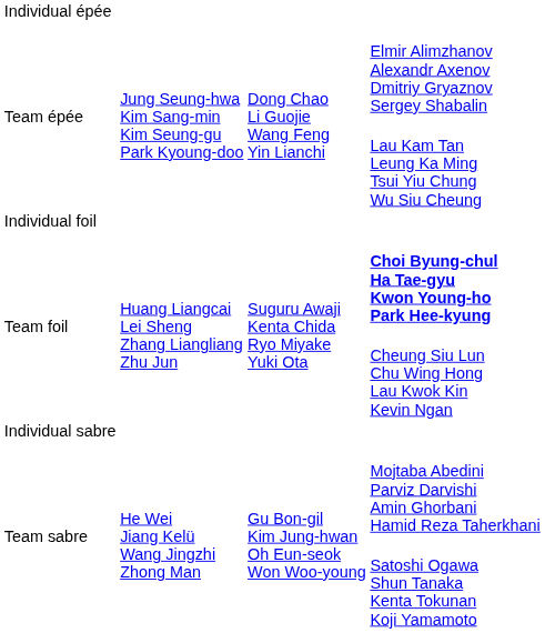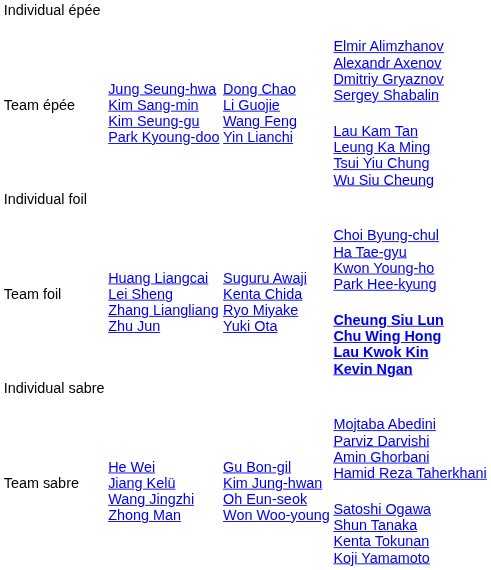 <table>
 <tr>
 <td rowspan=2>Individual épée</td>
 <td rowspan=2></td>
 <td rowspan=2></td>
 <td></td>
 </tr>
 <tr>
 <td></td>
 </tr>
 <tr>
 <td rowspan=2>Team épée</td>
 <td rowspan=2><br><a href='#'>Jung Seung-hwa</a><br><a href='#'>Kim Sang-min</a><br><a href='#'>Kim Seung-gu</a><br><a href='#'>Park Kyoung-doo</a></td>
 <td rowspan=2><br><a href='#'>Dong Chao</a><br><a href='#'>Li Guojie</a><br><a href='#'>Wang Feng</a><br><a href='#'>Yin Lianchi</a></td>
 <td><br><a href='#'>Elmir Alimzhanov</a><br><a href='#'>Alexandr Axenov</a><br><a href='#'>Dmitriy Gryaznov</a><br><a href='#'>Sergey Shabalin</a></td>
 </tr>
 <tr>
 <td><br><a href='#'>Lau Kam Tan</a><br><a href='#'>Leung Ka Ming</a><br><a href='#'>Tsui Yiu Chung</a><br><a href='#'>Wu Siu Cheung</a></td>
 </tr>
 <tr>
 <td rowspan=2>Individual foil</td>
 <td rowspan=2></td>
 <td rowspan=2></td>
 <td></td>
 </tr>
 <tr>
 <td></td>
 </tr>
 <tr>
 <td rowspan=2>Team foil</td>
 <td rowspan=2><br><a href='#'>Huang Liangcai</a><br><a href='#'>Lei Sheng</a><br><a href='#'>Zhang Liangliang</a><br><a href='#'>Zhu Jun</a></td>
 <td rowspan=2><br><a href='#'>Suguru Awaji</a><br><a href='#'>Kenta Chida</a><br><a href='#'>Ryo Miyake</a><br><a href='#'>Yuki Ota</a></td>
-<td><strong><br><a href='#'>Choi Byung-chul</a><br><a href='#'>Ha Tae-gyu</a><br><a href='#'>Kwon Young-ho</a><br><a href='#'>Park Hee-kyung</a></strong></td>
+<td><br><a href='#'>Choi Byung-chul</a><br><a href='#'>Ha Tae-gyu</a><br><a href='#'>Kwon Young-ho</a><br><a href='#'>Park Hee-kyung</a></td>
 </tr>
 <tr>
-<td><br><a href='#'>Cheung Siu Lun</a><br><a href='#'>Chu Wing Hong</a><br><a href='#'>Lau Kwok Kin</a><br><a href='#'>Kevin Ngan</a></td>
+<td><strong><br><a href='#'>Cheung Siu Lun</a><br><a href='#'>Chu Wing Hong</a><br><a href='#'>Lau Kwok Kin</a><br><a href='#'>Kevin Ngan</a></strong></td>
 </tr>
 <tr>
 <td rowspan=2>Individual sabre</td>
 <td rowspan=2></td>
 <td rowspan=2></td>
 <td></td>
 </tr>
 <tr>
 <td></td>
 </tr>
 <tr>
 <td rowspan=2>Team sabre</td>
 <td rowspan=2><br><a href='#'>He Wei</a><br><a href='#'>Jiang Kelü</a><br><a href='#'>Wang Jingzhi</a><br><a href='#'>Zhong Man</a></td>
 <td rowspan=2><br><a href='#'>Gu Bon-gil</a><br><a href='#'>Kim Jung-hwan</a><br><a href='#'>Oh Eun-seok</a><br><a href='#'>Won Woo-young</a></td>
 <td><br><a href='#'>Mojtaba Abedini</a><br><a href='#'>Parviz Darvishi</a><br><a href='#'>Amin Ghorbani</a><br><a href='#'>Hamid Reza Taherkhani</a></td>
 </tr>
 <tr>
 <td><br><a href='#'>Satoshi Ogawa</a><br><a href='#'>Shun Tanaka</a><br><a href='#'>Kenta Tokunan</a><br><a href='#'>Koji Yamamoto</a></td>
 </tr>
 </table>
